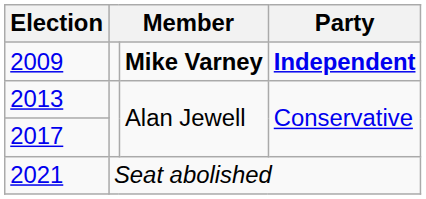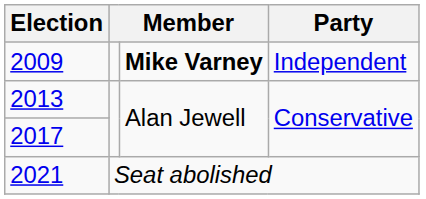 <table class="wikitable">
 <tr>
 <th>Election</th>
 <th colspan="2">Member</th>
 <th>Party</th>
 </tr>
 <tr>
 <td><a href='#'>2009</a></td>
 <td rowspan="1" style="background-color: "></td>
 <td rowspan="1"><strong>Mike Varney</strong></td>
-<td rowspan="1"><strong><a href='#'>Independent</a></strong></td>
+<td rowspan="1"><a href='#'>Independent</a></td>
 </tr>
 <tr>
 <td><a href='#'>2013</a></td>
 <td rowspan="2" style="background-color: "></td>
 <td rowspan="2">Alan Jewell</td>
 <td rowspan="2"><a href='#'>Conservative</a></td>
 </tr>
 <tr>
 <td><a href='#'>2017</a></td>
 </tr>
 <tr>
 <td><a href='#'>2021</a></td>
 <td colspan="3"><em>Seat abolished</em></td>
 </tr>
 </table>
